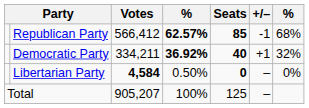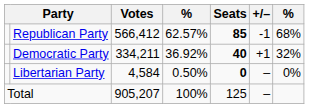 <table class="wikitable" style="font-size:100%; text-align:right;">
 <tr>
 <th colspan=2>Party</th>
 <th>Votes</th>
 <th>%</th>
 <th>Seats</th>
 <th>+/–</th>
 <th>%</th>
 </tr>
 <tr>
 <td style="background:"></td>
 <td align=left><a href='#'>Republican Party</a></td>
 <td>566,412</td>
-<td><strong>62.57%</strong></td>
+<td>62.57%</td>
 <td><strong>85</strong></td>
 <td>-1</td>
 <td>68%</td>
 </tr>
 <tr>
 <td style="background:"></td>
 <td align=left><a href='#'>Democratic Party</a></td>
 <td>334,211</td>
-<td><strong>36.92%</strong></td>
+<td>36.92%</td>
 <td><strong>40</strong></td>
 <td>+1</td>
 <td>32%</td>
 </tr>
 <tr>
 <td style="background:"></td>
 <td align=left><a href='#'>Libertarian Party</a></td>
-<td><strong>4,584</strong></td>
+<td>4,584</td>
 <td>0.50%</td>
 <td><strong>0</strong></td>
 <td>–</td>
 <td>0%</td>
 </tr>
 <tr>
 <td colspan=2 align=left>Total</td>
 <td>905,207</td>
 <td>100%</td>
 <td>125</td>
 <td>–</td>
 </tr>
 </table>
